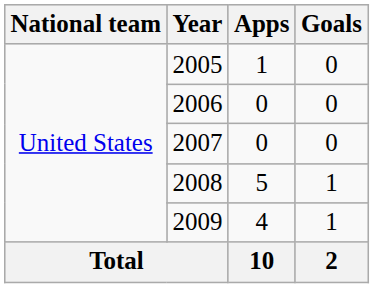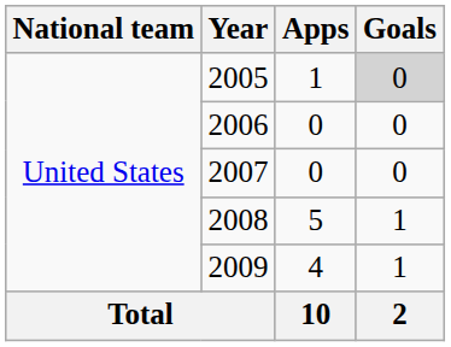 <table class="wikitable" style="text-align:center">
 <tr>
 <th>National team</th>
 <th>Year</th>
 <th>Apps</th>
 <th>Goals</th>
 </tr>
 <tr>
 <td rowspan="5"><a href='#'>United States</a></td>
 <td>2005</td>
 <td>1</td>
-<td>0</td>
+<td style="background: lightgrey;">0</td>
 </tr>
 <tr>
 <td>2006</td>
 <td>0</td>
 <td>0</td>
 </tr>
 <tr>
 <td>2007</td>
 <td>0</td>
 <td>0</td>
 </tr>
 <tr>
 <td>2008</td>
 <td>5</td>
 <td>1</td>
 </tr>
 <tr>
 <td>2009</td>
 <td>4</td>
 <td>1</td>
 </tr>
 <tr>
 <th colspan="2">Total</th>
 <th>10</th>
 <th>2</th>
 </tr>
 </table>
